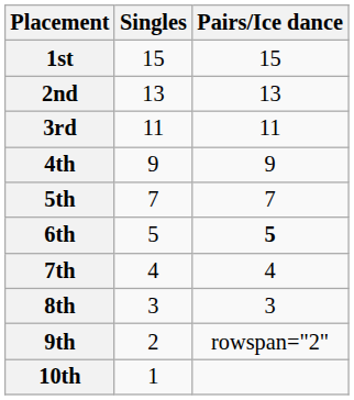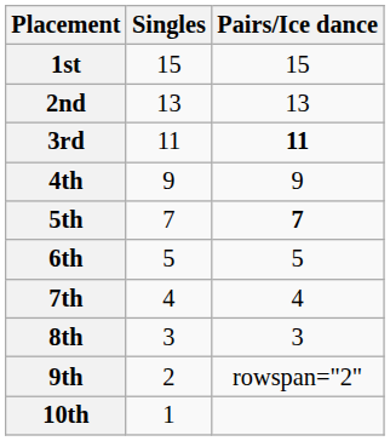 <table class="wikitable unsortable" style="text-align:center">
 <tr>
 <th scope="col">Placement</th>
 <th scope="col">Singles</th>
 <th scope="col">Pairs/Ice dance</th>
 </tr>
 <tr>
 <th scope="row">1st</th>
 <td>15</td>
 <td>15</td>
 </tr>
 <tr>
 <th scope="row">2nd</th>
 <td>13</td>
 <td>13</td>
 </tr>
 <tr>
 <th scope="row">3rd</th>
 <td>11</td>
-<td>11</td>
+<td><strong>11</strong></td>
 </tr>
 <tr>
 <th scope="row">4th</th>
 <td>9</td>
 <td>9</td>
 </tr>
 <tr>
 <th scope="row">5th</th>
 <td>7</td>
-<td>7</td>
+<td><strong>7</strong></td>
 </tr>
 <tr>
 <th scope="row">6th</th>
 <td>5</td>
-<td><strong>5</strong></td>
+<td>5</td>
 </tr>
 <tr>
 <th scope="row">7th</th>
 <td>4</td>
 <td>4</td>
 </tr>
 <tr>
 <th scope="row">8th</th>
 <td>3</td>
 <td>3</td>
 </tr>
 <tr>
 <th scope="row">9th</th>
 <td>2</td>
 <td>rowspan="2" </td>
 </tr>
 <tr>
 <th scope="row">10th</th>
 <td>1</td>
 </tr>
 </table>
